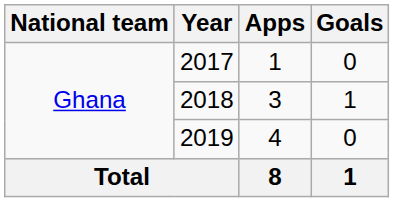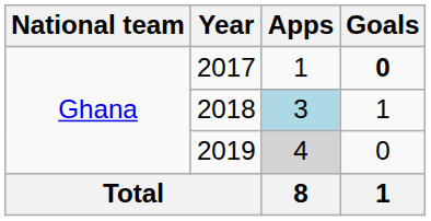 <table class="wikitable" style="text-align:center">
 <tr>
 <th>National team</th>
 <th>Year</th>
 <th>Apps</th>
 <th>Goals</th>
 </tr>
 <tr>
 <td rowspan="3"><a href='#'>Ghana</a></td>
 <td>2017</td>
 <td>1</td>
-<td>0</td>
+<td><strong>0</strong></td>
 </tr>
 <tr>
 <td>2018</td>
-<td>3</td>
+<td style="background: lightblue;">3</td>
 <td>1</td>
 </tr>
 <tr>
 <td>2019</td>
-<td>4</td>
+<td style="background: lightgrey;">4</td>
 <td>0</td>
 </tr>
 <tr>
 <th colspan="2">Total</th>
 <th>8</th>
 <th>1</th>
 </tr>
 </table>
